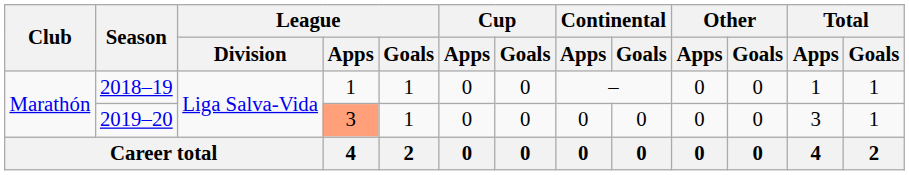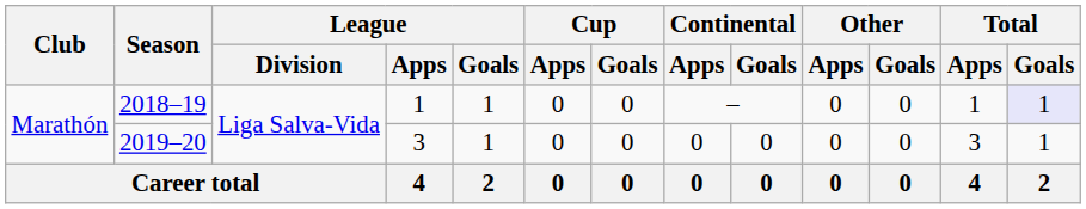 <table class="wikitable" style="text-align: center">
 <tr>
 <th rowspan="2">Club</th>
 <th rowspan="2">Season</th>
 <th colspan="3">League</th>
 <th colspan="2">Cup</th>
 <th colspan="2">Continental</th>
 <th colspan="2">Other</th>
 <th colspan="2">Total</th>
 </tr>
 <tr>
 <th>Division</th>
 <th>Apps</th>
 <th>Goals</th>
 <th>Apps</th>
 <th>Goals</th>
 <th>Apps</th>
 <th>Goals</th>
 <th>Apps</th>
 <th>Goals</th>
 <th>Apps</th>
 <th>Goals</th>
 </tr>
 <tr>
 <td rowspan="2"><a href='#'>Marathón</a></td>
 <td><a href='#'>2018–19</a></td>
 <td rowspan="2"><a href='#'>Liga Salva-Vida</a></td>
 <td>1</td>
 <td>1</td>
 <td>0</td>
 <td>0</td>
 <td colspan="2">–</td>
 <td>0</td>
 <td>0</td>
 <td>1</td>
-<td>1</td>
+<td style="background: lavender;">1</td>
 </tr>
 <tr>
 <td><a href='#'>2019–20</a></td>
-<td style="background: lightsalmon;">3</td>
+<td>3</td>
 <td>1</td>
 <td>0</td>
 <td>0</td>
 <td>0</td>
 <td>0</td>
 <td>0</td>
 <td>0</td>
 <td>3</td>
 <td>1</td>
 </tr>
 <tr>
 <th colspan=3>Career total</th>
 <th>4</th>
 <th>2</th>
 <th>0</th>
 <th>0</th>
 <th>0</th>
 <th>0</th>
 <th>0</th>
 <th>0</th>
 <th>4</th>
 <th>2</th>
 </tr>
 </table>
